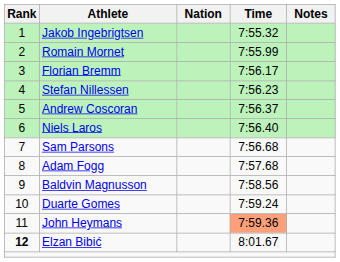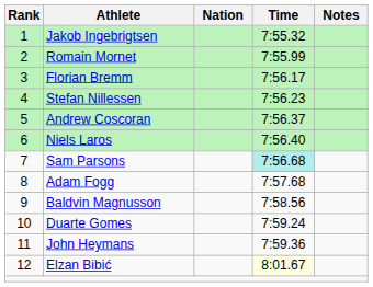 <table class="wikitable sortable" style="text-align:center;width: 50%;">
 <tr>
 <th scope="col" style="width: 10px;">Rank</th>
 <th scope="col">Athlete</th>
 <th scope="col">Nation</th>
 <th scope="col">Time</th>
 <th scope="col">Notes</th>
 </tr>
 <tr bgcolor=bbf3bb>
 <td>1</td>
 <td align=left><a href='#'>Jakob Ingebrigtsen</a></td>
 <td align=left></td>
 <td>7:55.32</td>
 <td></td>
 </tr>
 <tr bgcolor=bbf3bb>
 <td>2</td>
 <td align=left><a href='#'>Romain Mornet</a></td>
 <td align=left></td>
 <td>7:55.99</td>
 <td></td>
 </tr>
 <tr bgcolor=bbf3bb>
 <td>3</td>
 <td align=left><a href='#'>Florian Bremm</a></td>
 <td align=left></td>
 <td>7:56.17</td>
 <td></td>
 </tr>
 <tr bgcolor=bbf3bb>
 <td>4</td>
 <td align=left><a href='#'>Stefan Nillessen</a></td>
 <td align=left></td>
 <td>7:56.23</td>
 <td></td>
 </tr>
 <tr bgcolor=bbf3bb>
 <td>5</td>
 <td align=left><a href='#'>Andrew Coscoran</a></td>
 <td align=left></td>
 <td>7:56.37</td>
 <td></td>
 </tr>
 <tr bgcolor=bbf3bb>
 <td>6</td>
 <td align=left><a href='#'>Niels Laros</a></td>
 <td align=left></td>
 <td>7:56.40</td>
 <td></td>
 </tr>
 <tr>
 <td>7</td>
 <td align=left><a href='#'>Sam Parsons</a></td>
 <td align=left></td>
-<td>7:56.68</td>
+<td style="background: paleturquoise;">7:56.68</td>
 <td></td>
 </tr>
 <tr>
 <td>8</td>
 <td align=left><a href='#'>Adam Fogg</a></td>
 <td align=left></td>
 <td>7:57.68</td>
 <td></td>
 </tr>
 <tr>
 <td>9</td>
 <td align=left><a href='#'>Baldvin Magnusson</a></td>
 <td align=left></td>
 <td>7:58.56</td>
 <td></td>
 </tr>
 <tr>
 <td>10</td>
 <td align=left><a href='#'>Duarte Gomes</a></td>
 <td align=left></td>
 <td>7:59.24</td>
 <td></td>
 </tr>
 <tr>
 <td>11</td>
 <td align=left><a href='#'>John Heymans</a></td>
 <td align=left></td>
-<td style="background: lightsalmon;">7:59.36</td>
+<td>7:59.36</td>
 <td></td>
 </tr>
 <tr>
-<td><strong>12</strong></td>
+<td>12</td>
 <td align=left><a href='#'>Elzan Bibić</a></td>
 <td align=left></td>
-<td>8:01.67</td>
+<td style="background: lightyellow;">8:01.67</td>
 <td></td>
 </tr>
 <tr class="sortbottom">
 <td colspan="5"></td>
 </tr>
 </table>
